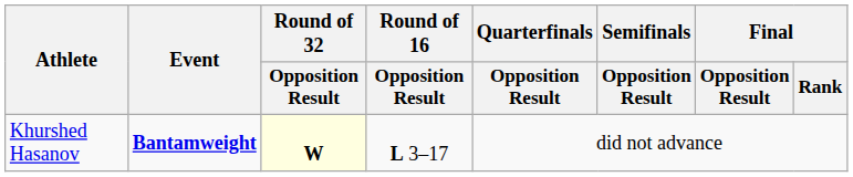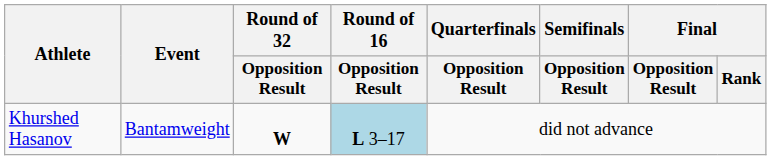 <table class="wikitable" style="font-size:90%">
 <tr>
 <th rowspan="2">Athlete</th>
 <th rowspan="2">Event</th>
 <th>Round of 32</th>
 <th>Round of 16</th>
 <th>Quarterfinals</th>
 <th>Semifinals</th>
 <th colspan=2>Final</th>
 </tr>
 <tr style="font-size:95%">
 <th>Opposition<br>Result</th>
 <th>Opposition<br>Result</th>
 <th>Opposition<br>Result</th>
 <th>Opposition<br>Result</th>
 <th>Opposition<br>Result</th>
 <th>Rank</th>
 </tr>
 <tr align=center>
 <td align=left><a href='#'>Khurshed Hasanov</a></td>
-<td align=left><strong><a href='#'>Bantamweight</a></strong></td>
-<td style="background: lightyellow;"><br><strong>W</strong></td>
-<td><br><strong>L</strong> 3–17</td>
+<td align=left><a href='#'>Bantamweight</a></td>
+<td><br><strong>W</strong></td>
+<td style="background: lightblue;"><br><strong>L</strong> 3–17</td>
 <td colspan=6>did not advance</td>
 </tr>
 </table>
